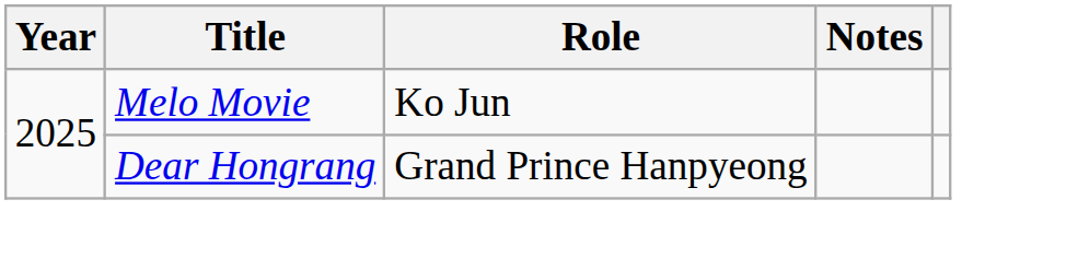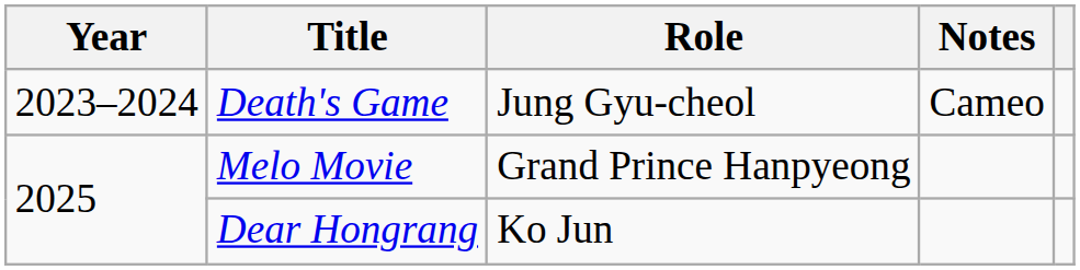 <table class="wikitable sortable">
 <tr>
 <th>Year</th>
 <th>Title</th>
 <th>Role</th>
 <th>Notes</th>
 <th></th>
 </tr>
 <tr>
+<td>2023–2024</td>
+<td><em><a href='#'>Death's Game</a></em></td>
+<td>Jung Gyu-cheol</td>
+<td>Cameo</td>
+<td></td>
+</tr>
+<tr>
 <td rowspan="2">2025</td>
 <td><em><a href='#'>Melo Movie</a></em></td>
-<td>Ko Jun</td>
+<td>Grand Prince Hanpyeong</td>
 <td></td>
 </tr>
 <tr>
 <td><em><a href='#'>Dear Hongrang</a></em></td>
-<td>Grand Prince Hanpyeong</td>
+<td>Ko Jun</td>
 <td></td>
 <td></td>
 </tr>
 </table>
